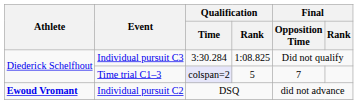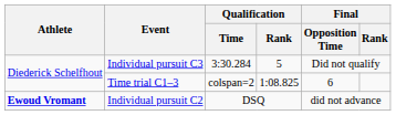 <table class=wikitable style="font-size:90%">
 <tr>
 <th rowspan="2">Athlete</th>
 <th rowspan="2">Event</th>
 <th colspan="2">Qualification</th>
 <th colspan="2">Final</th>
 </tr>
 <tr>
 <th>Time</th>
 <th>Rank</th>
 <th>Opposition<br>Time</th>
 <th>Rank</th>
 </tr>
 <tr align=center>
 <td align=left rowspan=2><a href='#'>Diederick Schelfhout</a></td>
 <td align=left><a href='#'>Individual pursuit C3</a></td>
 <td>3:30.284</td>
-<td>1:08.825</td>
+<td>5</td>
 <td colspan=2>Did not qualify</td>
 </tr>
 <tr align=center>
 <td align=left><a href='#'>Time trial C1–3</a></td>
-<td style="background: lavender;">colspan=2 </td>
-<td>5</td>
-<td>7</td>
+<td>colspan=2 </td>
+<td>1:08.825</td>
+<td>6</td>
 </tr>
 <tr align=center>
 <td align=left><strong><a href='#'>Ewoud Vromant</a></strong></td>
 <td align=left><a href='#'>Individual pursuit C2</a></td>
 <td colspan=2>DSQ</td>
 <td colspan=2>did not advance</td>
 </tr>
 </table>
